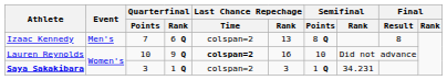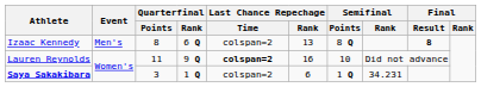 <table class=wikitable style=font-size:90%;text-align:center>
 <tr>
 <th rowspan=2>Athlete</th>
 <th rowspan=2>Event</th>
 <th colspan=2>Quarterfinal</th>
 <th colspan=2>Last Chance Repechage</th>
 <th colspan=2>Semifinal</th>
 <th colspan=2>Final</th>
 </tr>
 <tr style=font-size:95%>
 <th>Points</th>
 <th>Rank</th>
 <th>Time</th>
 <th>Rank</th>
 <th>Points</th>
 <th>Rank</th>
 <th>Result</th>
 <th>Rank</th>
 </tr>
 <tr>
 <td align=left><a href='#'>Izaac Kennedy</a></td>
 <td align=left><a href='#'>Men's</a></td>
-<td>7</td>
+<td>8</td>
 <td>6 <strong>Q</strong></td>
 <td>colspan=2 </td>
 <td>13</td>
 <td>8 <strong>Q</strong></td>
 <td></td>
-<td>8</td>
+<td><strong>8</strong></td>
 </tr>
 <tr>
 <td align=left><a href='#'>Lauren Reynolds</a></td>
 <td align=left rowspan=2><a href='#'>Women's</a></td>
-<td>10</td>
+<td>11</td>
 <td>9 <strong>Q</strong></td>
 <td><strong>colspan=2 </strong></td>
 <td>16</td>
 <td>10</td>
 <td colspan=2>Did not advance</td>
 </tr>
 <tr>
 <td align=left><strong><a href='#'>Saya Sakakibara</a></strong></td>
 <td>3</td>
 <td>1 <strong>Q</strong></td>
 <td>colspan=2 </td>
-<td>3</td>
+<td>6</td>
 <td>1 <strong>Q</strong></td>
 <td>34.231</td>
 <td></td>
 </tr>
 </table>
